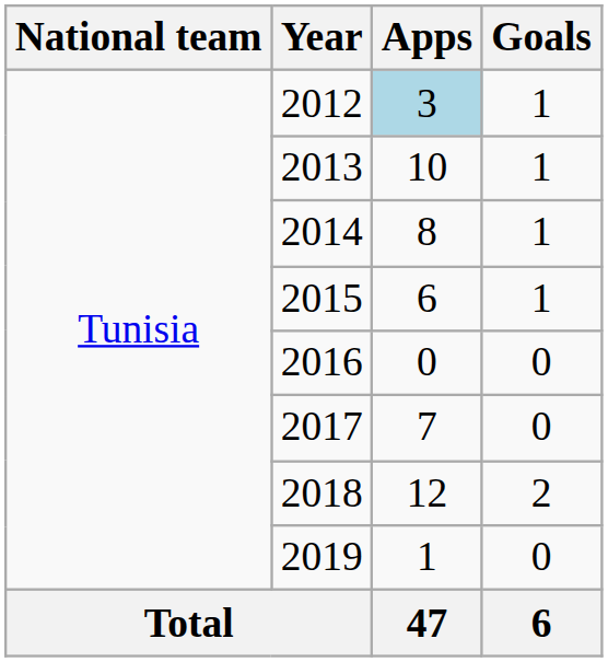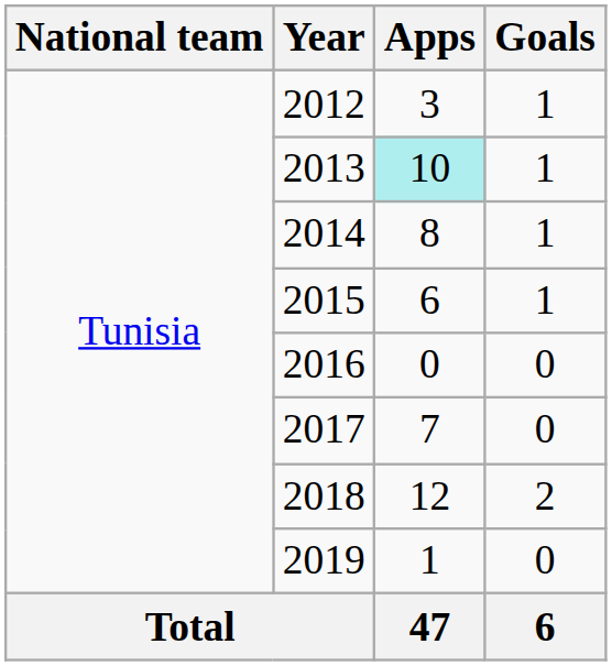 <table class="wikitable" style="text-align:center">
 <tr>
 <th>National team</th>
 <th>Year</th>
 <th>Apps</th>
 <th>Goals</th>
 </tr>
 <tr>
 <td rowspan="8"><a href='#'>Tunisia</a></td>
 <td>2012</td>
-<td style="background: lightblue;">3</td>
+<td>3</td>
 <td>1</td>
 </tr>
 <tr>
 <td>2013</td>
-<td>10</td>
+<td style="background: paleturquoise;">10</td>
 <td>1</td>
 </tr>
 <tr>
 <td>2014</td>
 <td>8</td>
 <td>1</td>
 </tr>
 <tr>
 <td>2015</td>
 <td>6</td>
 <td>1</td>
 </tr>
 <tr>
 <td>2016</td>
 <td>0</td>
 <td>0</td>
 </tr>
 <tr>
 <td>2017</td>
 <td>7</td>
 <td>0</td>
 </tr>
 <tr>
 <td>2018</td>
 <td>12</td>
 <td>2</td>
 </tr>
 <tr>
 <td>2019</td>
 <td>1</td>
 <td>0</td>
 </tr>
 <tr>
 <th colspan="2">Total</th>
 <th>47</th>
 <th>6</th>
 </tr>
 </table>
